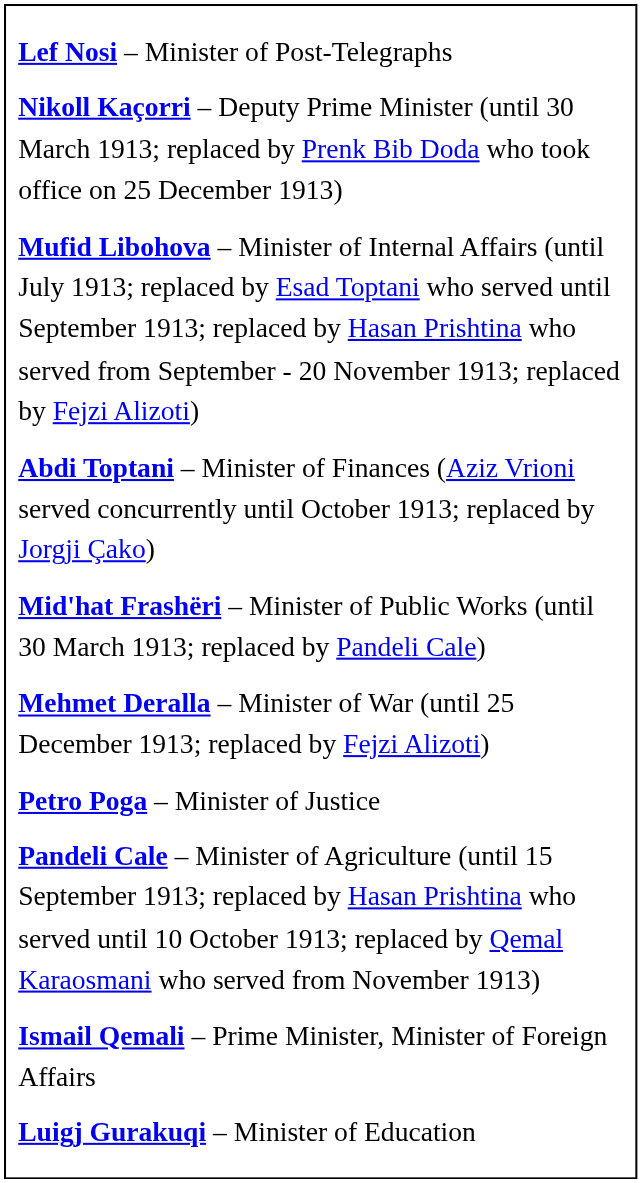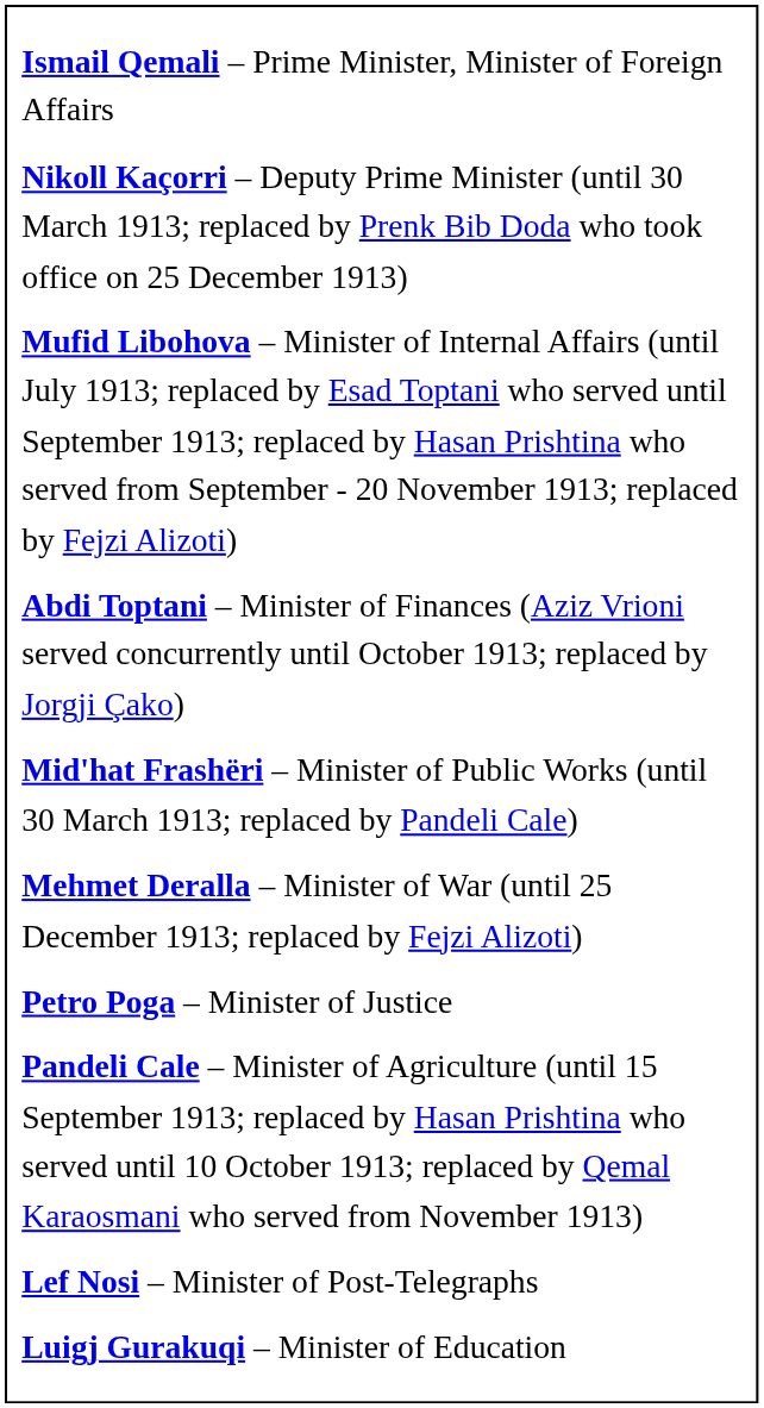 <table cellpadding="1" cellspacing="5" style="border:1px solid #000000; font-size:85%; line-height: 1.5em;" width="50%">
 <tr>
 <td align="center"></td>
 </tr>
 <tr>
-<td><strong><a href='#'>Lef Nosi</a></strong> – Minister of Post-Telegraphs</td>
+<td><strong><a href='#'>Ismail Qemali</a></strong> – Prime Minister, Minister of Foreign Affairs</td>
 </tr>
 <tr>
 <td><strong><a href='#'>Nikoll Kaçorri</a></strong> – Deputy Prime Minister (until 30 March 1913; replaced by <a href='#'>Prenk Bib Doda</a> who took office on 25 December 1913)</td>
 </tr>
 <tr>
 <td><strong><a href='#'>Mufid Libohova</a></strong> – Minister of Internal Affairs (until July 1913; replaced by <a href='#'>Esad Toptani</a> who served until September 1913; replaced by <a href='#'>Hasan Prishtina</a> who served from September - 20 November 1913; replaced by <a href='#'>Fejzi Alizoti</a>)</td>
 </tr>
 <tr>
 <td><strong><a href='#'>Abdi Toptani</a></strong> – Minister of Finances (<a href='#'>Aziz Vrioni</a> served concurrently until October 1913; replaced by <a href='#'>Jorgji Çako</a>)</td>
 </tr>
 <tr>
 <td><strong><a href='#'>Mid'hat Frashëri</a></strong> – Minister of Public Works (until 30 March 1913; replaced by <a href='#'>Pandeli Cale</a>)</td>
 </tr>
 <tr>
 <td><strong><a href='#'>Mehmet Deralla</a></strong> – Minister of War (until 25 December 1913; replaced by <a href='#'>Fejzi Alizoti</a>)</td>
 </tr>
 <tr>
 <td><strong><a href='#'>Petro Poga</a></strong> – Minister of Justice</td>
 </tr>
 <tr>
 <td><strong><a href='#'>Pandeli Cale</a></strong> – Minister of Agriculture (until 15 September 1913; replaced by <a href='#'>Hasan Prishtina</a> who served until 10 October 1913; replaced by <a href='#'>Qemal Karaosmani</a> who served from November 1913)</td>
 </tr>
 <tr>
-<td><strong><a href='#'>Ismail Qemali</a></strong> – Prime Minister, Minister of Foreign Affairs</td>
+<td><strong><a href='#'>Lef Nosi</a></strong> – Minister of Post-Telegraphs</td>
 </tr>
 <tr>
 <td><strong><a href='#'>Luigj Gurakuqi</a></strong> – Minister of Education</td>
 </tr>
 <tr>
 </tr>
 </table>
